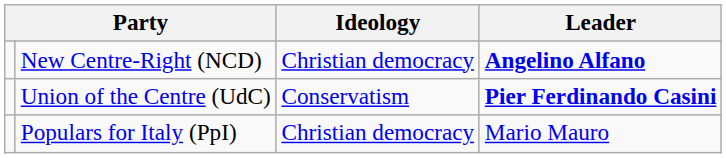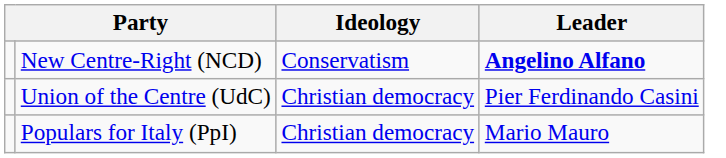 <table class=wikitable style=text-align:left>
 <tr>
 <th colspan=2>Party</th>
 <th>Ideology</th>
 <th>Leader</th>
 </tr>
 <tr>
 <td></td>
 <td><a href='#'>New Centre-Right</a> (NCD)</td>
-<td><a href='#'>Christian democracy</a></td>
+<td><a href='#'>Conservatism</a></td>
 <td><strong><a href='#'>Angelino Alfano</a></strong></td>
 </tr>
 <tr>
 <td></td>
 <td><a href='#'>Union of the Centre</a> (UdC)</td>
-<td><a href='#'>Conservatism</a></td>
-<td><strong><a href='#'>Pier Ferdinando Casini</a></strong></td>
+<td><a href='#'>Christian democracy</a></td>
+<td><a href='#'>Pier Ferdinando Casini</a></td>
 </tr>
 <tr>
 <td></td>
 <td><a href='#'>Populars for Italy</a> (PpI)</td>
 <td><a href='#'>Christian democracy</a></td>
 <td><a href='#'>Mario Mauro</a></td>
 </tr>
 </table>
